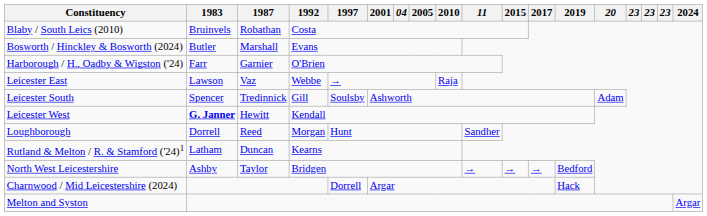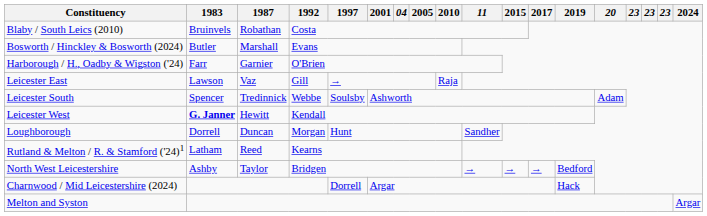 <table class="wikitable">
 <tr>
 <th>Constituency</th>
 <th>1983</th>
 <th>1987</th>
 <th>1992</th>
 <th>1997</th>
 <th>2001</th>
 <th><em>04</em></th>
 <th>2005</th>
 <th>2010</th>
 <th><em>11</em></th>
 <th>2015</th>
 <th>2017</th>
 <th>2019</th>
 <th><em>20</em></th>
 <th><em>23</em></th>
 <th><em>23</em></th>
 <th><em>23</em></th>
 <th>2024</th>
 </tr>
 <tr>
 <td><a href='#'>Blaby</a> / <a href='#'>South Leics</a> (2010)</td>
 <td><a href='#'>Bruinvels</a></td>
 <td><a href='#'>Robathan</a></td>
 <td colspan="8"><a href='#'>Costa</a></td>
 </tr>
 <tr>
 <td><a href='#'>Bosworth</a> / <a href='#'>Hinckley & Bosworth</a> (2024)</td>
 <td><a href='#'>Butler</a></td>
 <td><a href='#'>Marshall</a></td>
 <td colspan="6"><a href='#'>Evans</a></td>
 </tr>
 <tr>
 <td><a href='#'>Harborough</a> / <a href='#'>H., Oadby & Wigston</a> ('24)</td>
 <td><a href='#'>Farr</a></td>
 <td><a href='#'>Garnier</a></td>
 <td colspan="7"><a href='#'>O'Brien</a></td>
 </tr>
 <tr>
 <td><a href='#'>Leicester East</a></td>
 <td><a href='#'>Lawson</a></td>
 <td><a href='#'>Vaz</a></td>
-<td><a href='#'>Webbe</a></td>
+<td><a href='#'>Gill</a></td>
 <td colspan="4"><a href='#'>→</a></td>
 <td><a href='#'>Raja</a></td>
 </tr>
 <tr>
 <td><a href='#'>Leicester South</a></td>
 <td><a href='#'>Spencer</a></td>
 <td><a href='#'>Tredinnick</a></td>
-<td><a href='#'>Gill</a></td>
+<td><a href='#'>Webbe</a></td>
 <td><a href='#'>Soulsby</a></td>
 <td colspan="8"><a href='#'>Ashworth</a></td>
 <td><a href='#'>Adam</a></td>
 </tr>
 <tr>
 <td><a href='#'>Leicester West</a></td>
 <td><strong><a href='#'>G. Janner</a></strong></td>
 <td><a href='#'>Hewitt</a></td>
 <td colspan="10"><a href='#'>Kendall</a></td>
 </tr>
 <tr>
 <td><a href='#'>Loughborough</a></td>
 <td><a href='#'>Dorrell</a></td>
-<td><a href='#'>Reed</a></td>
+<td><a href='#'>Duncan</a></td>
 <td><a href='#'>Morgan</a></td>
 <td colspan="5"><a href='#'>Hunt</a></td>
 <td><a href='#'>Sandher</a></td>
 </tr>
 <tr>
 <td><a href='#'>Rutland & Melton</a> / <a href='#'>R. & Stamford</a> ('24)<sup>1</sup></td>
 <td><a href='#'>Latham</a></td>
-<td><a href='#'>Duncan</a></td>
+<td><a href='#'>Reed</a></td>
 <td colspan="6"><a href='#'>Kearns</a></td>
 </tr>
 <tr>
 <td><a href='#'>North West Leicestershire</a></td>
 <td><a href='#'>Ashby</a></td>
 <td><a href='#'>Taylor</a></td>
 <td colspan="6"><a href='#'>Bridgen</a></td>
 <td><a href='#'>→</a></td>
 <td><a href='#'>→</a></td>
 <td><a href='#'>→</a></td>
 <td><a href='#'>Bedford</a></td>
 </tr>
 <tr>
 <td><a href='#'>Charnwood</a> / <a href='#'>Mid Leicestershire</a> (2024)</td>
 <td colspan="3"></td>
 <td><a href='#'>Dorrell</a></td>
 <td colspan="7"><a href='#'>Argar</a></td>
 <td><a href='#'>Hack</a></td>
 </tr>
 <tr>
 <td><a href='#'>Melton and Syston</a></td>
 <td colspan="16"></td>
 <td><a href='#'>Argar</a></td>
 </tr>
 </table>
